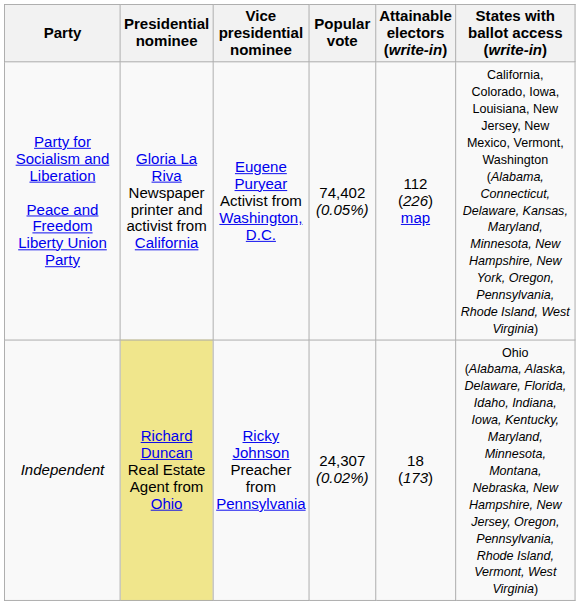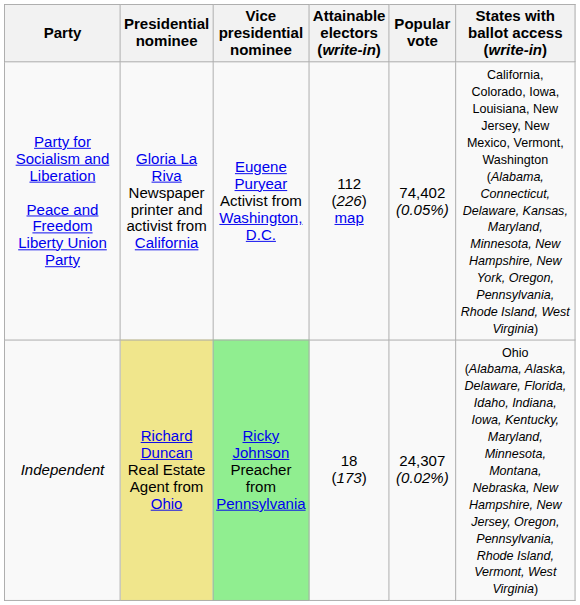 <table class="wikitable sortable" style="text-align:center;">
 <tr>
 <th style="width:15em;">Party</th>
 <th>Presidential nominee</th>
 <th>Vice presidential nominee</th>
+<th style="width:5em;" data-sort-type="number">Attainable electors<br>(<em>write-in</em>)</th>
 <th style="width:5em;" data-sort-type="number">Popular vote</th>
-<th style="width:5em;" data-sort-type="number">Attainable electors<br>(<em>write-in</em>)</th>
 <th style="width:18em;">States with ballot access<br>(<em>write-in</em>)</th>
 </tr>
 <tr>
 <td><a href='#'>Party for Socialism and Liberation</a><br><br><a href='#'>Peace and Freedom</a><br> <a href='#'>Liberty Union Party</a></td>
 <td><a href='#'>Gloria La Riva</a><br>Newspaper printer and activist from <a href='#'>California</a></td>
 <td><a href='#'>Eugene Puryear</a><br>Activist from <a href='#'>Washington, D.C.</a></td>
+<td>112<br>(<em>226</em>)<br><a href='#'>map</a></td>
 <td>74,402<br><em>(0.05%)</em></td>
-<td>112<br>(<em>226</em>)<br><a href='#'>map</a></td>
 <td><small>California, Colorado, Iowa, Louisiana, New Jersey, New Mexico, Vermont, Washington<br>(<em>Alabama, Connecticut, Delaware, Kansas, Maryland, Minnesota, New Hampshire, New York, Oregon, Pennsylvania, Rhode Island, West Virginia</em>)</small></td>
 </tr>
 <tr>
 <td><em>Independent</em></td>
 <td style="background: khaki;"><a href='#'>Richard Duncan</a><br>Real Estate Agent from <a href='#'>Ohio</a></td>
-<td><a href='#'>Ricky Johnson</a><br>Preacher from <a href='#'>Pennsylvania</a></td>
+<td style="background: lightgreen;"><a href='#'>Ricky Johnson</a><br>Preacher from <a href='#'>Pennsylvania</a></td>
+<td>18<br>(<em>173</em>)</td>
 <td>24,307<br><em>(0.02%)</em></td>
-<td>18<br>(<em>173</em>)</td>
 <td><small>Ohio<br>(<em>Alabama, Alaska, Delaware, Florida, Idaho, Indiana, Iowa, Kentucky, Maryland, Minnesota, Montana, Nebraska, New Hampshire, New Jersey, Oregon, Pennsylvania, Rhode Island, Vermont, West Virginia</em>)</small></td>
 </tr>
 </table>
